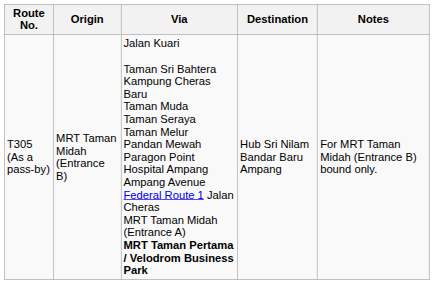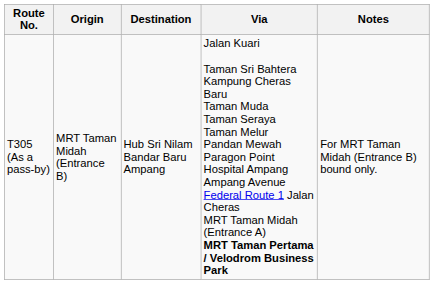 <table class="wikitable">
 <tr>
 <th>Route No.</th>
 <th>Origin</th>
+<th>Destination</th>
 <th>Via</th>
-<th>Destination</th>
 <th>Notes</th>
 </tr>
 <tr>
 <td>T305<br>(As a pass-by)</td>
 <td> MRT Taman Midah<br>(Entrance B)</td>
+<td>Hub Sri Nilam<br>Bandar Baru Ampang</td>
 <td>Jalan Kuari<br><br>Taman Sri Bahtera<br> Kampung Cheras Baru<br> Taman Muda<br> Taman Seraya<br> Taman Melur<br> Pandan Mewah<br> Paragon Point<br> Hospital Ampang<br> Ampang Avenue<br> <a href='#'>Federal Route 1</a> Jalan Cheras<br>  MRT Taman Midah (Entrance A)<br>  <strong>MRT Taman Pertama / Velodrom Business Park</strong></td>
-<td>Hub Sri Nilam<br>Bandar Baru Ampang</td>
 <td>For  MRT Taman Midah (Entrance B) bound only.</td>
 </tr>
 </table>
